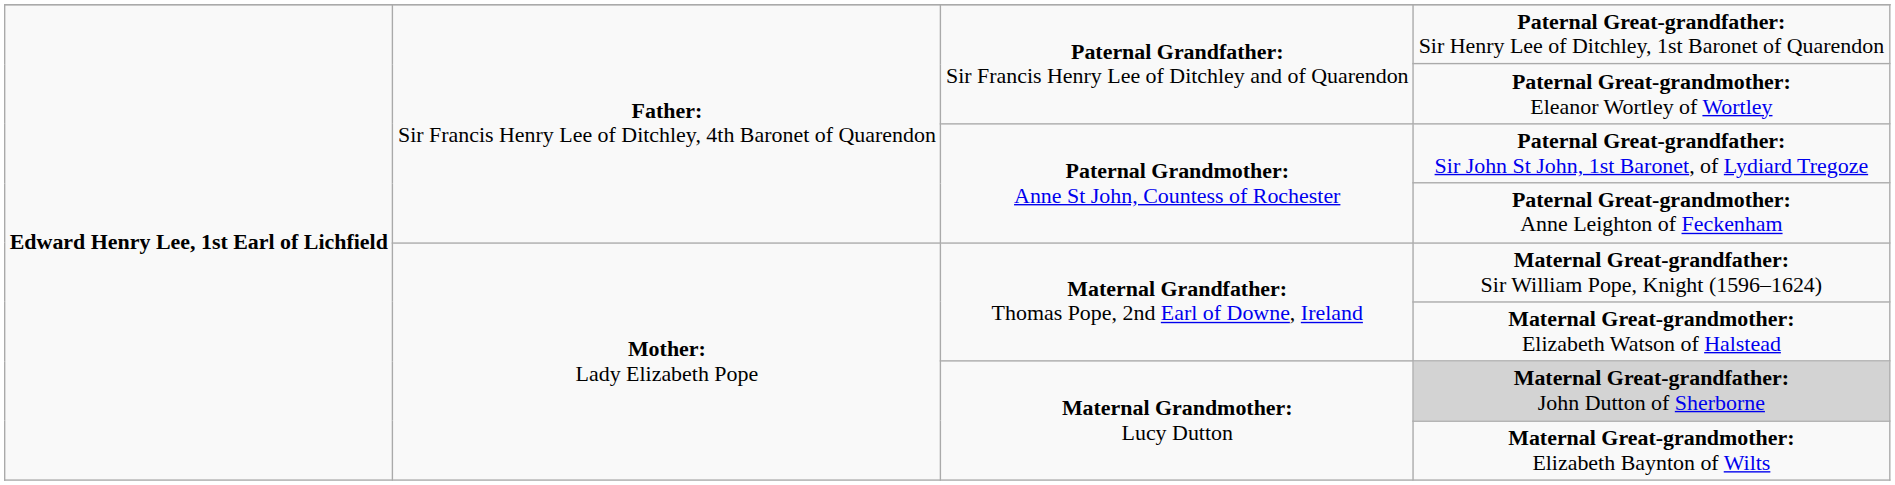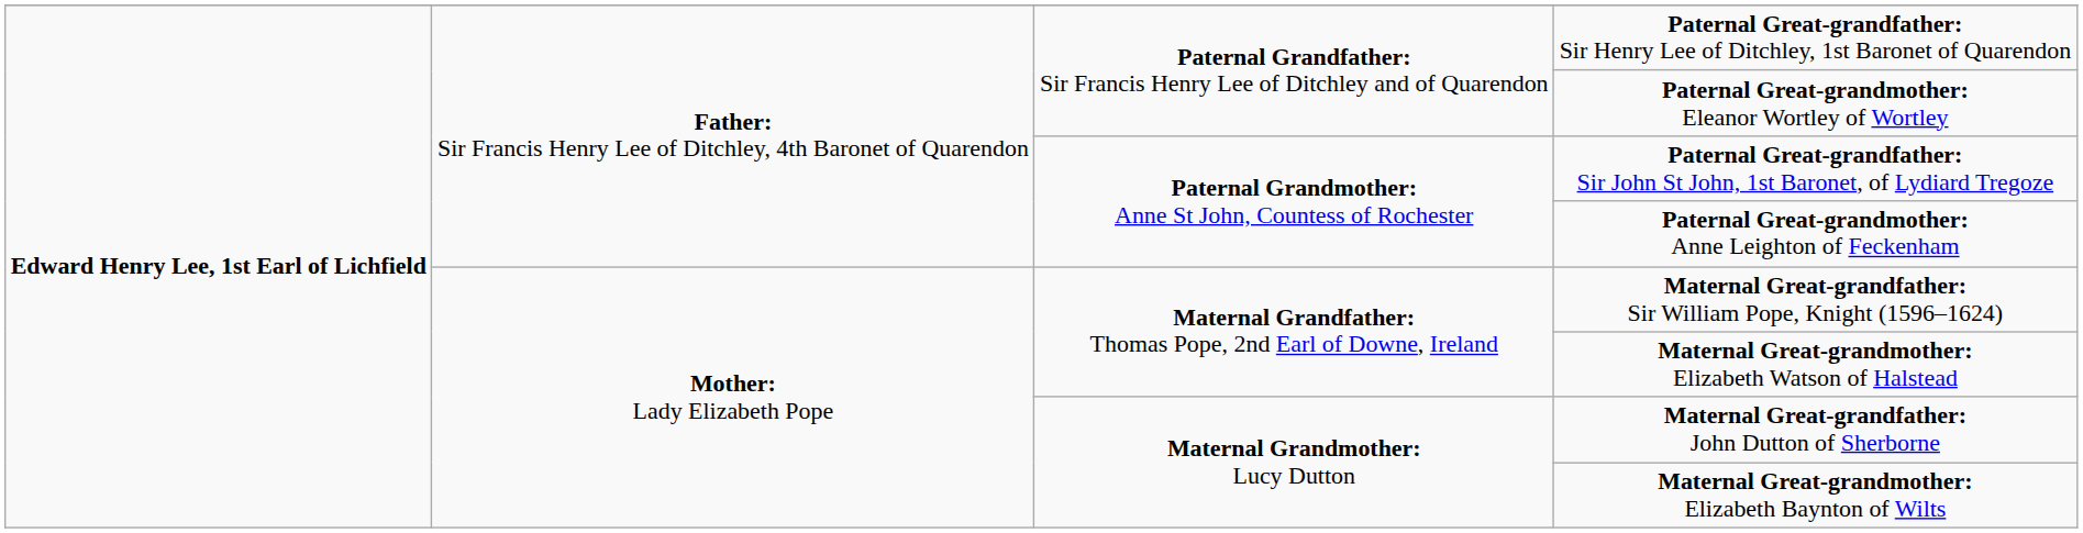 <table class="wikitable">
 <tr>
 </tr>
 <tr>
 <td rowspan="8" align="center"><strong>Edward Henry Lee, 1st Earl of Lichfield</strong></td>
 <td rowspan="4" align="center"><strong>Father:</strong><br>Sir Francis Henry Lee of Ditchley, 4th Baronet of Quarendon</td>
 <td rowspan="2" align="center"><strong>Paternal Grandfather:</strong><br>Sir Francis Henry Lee of Ditchley and of Quarendon</td>
 <td align="center"><strong>Paternal Great-grandfather:</strong><br>Sir Henry Lee of Ditchley, 1st Baronet of Quarendon</td>
 </tr>
 <tr>
 <td align="center"><strong>Paternal Great-grandmother:</strong><br>Eleanor Wortley of <a href='#'>Wortley</a></td>
 </tr>
 <tr>
 <td rowspan="2" align="center"><strong>Paternal Grandmother:</strong><br><a href='#'>Anne St John, Countess of Rochester</a></td>
 <td align="center"><strong>Paternal Great-grandfather:</strong><br><a href='#'>Sir John St John, 1st Baronet</a>, of <a href='#'>Lydiard Tregoze</a></td>
 </tr>
 <tr>
 <td align="center"><strong>Paternal Great-grandmother:</strong><br>Anne Leighton of <a href='#'>Feckenham</a></td>
 </tr>
 <tr>
 <td rowspan="4" align="center"><strong>Mother:</strong><br>Lady Elizabeth Pope</td>
 <td rowspan="2" align="center"><strong>Maternal Grandfather:</strong><br>Thomas Pope, 2nd <a href='#'>Earl of Downe</a>, <a href='#'>Ireland</a></td>
 <td align="center"><strong>Maternal Great-grandfather:</strong><br>Sir William Pope, Knight (1596–1624)</td>
 </tr>
 <tr>
 <td align="center"><strong>Maternal Great-grandmother:</strong><br>Elizabeth Watson of <a href='#'>Halstead</a></td>
 </tr>
 <tr>
 <td rowspan="2" align="center"><strong>Maternal Grandmother:</strong><br>Lucy Dutton</td>
-<td align="center" style="background: lightgrey;"><strong>Maternal Great-grandfather:</strong><br>John Dutton of <a href='#'>Sherborne</a></td>
+<td align="center"><strong>Maternal Great-grandfather:</strong><br>John Dutton of <a href='#'>Sherborne</a></td>
 </tr>
 <tr>
 <td align="center"><strong>Maternal Great-grandmother:</strong><br>Elizabeth Baynton of <a href='#'>Wilts</a></td>
 </tr>
 </table>
